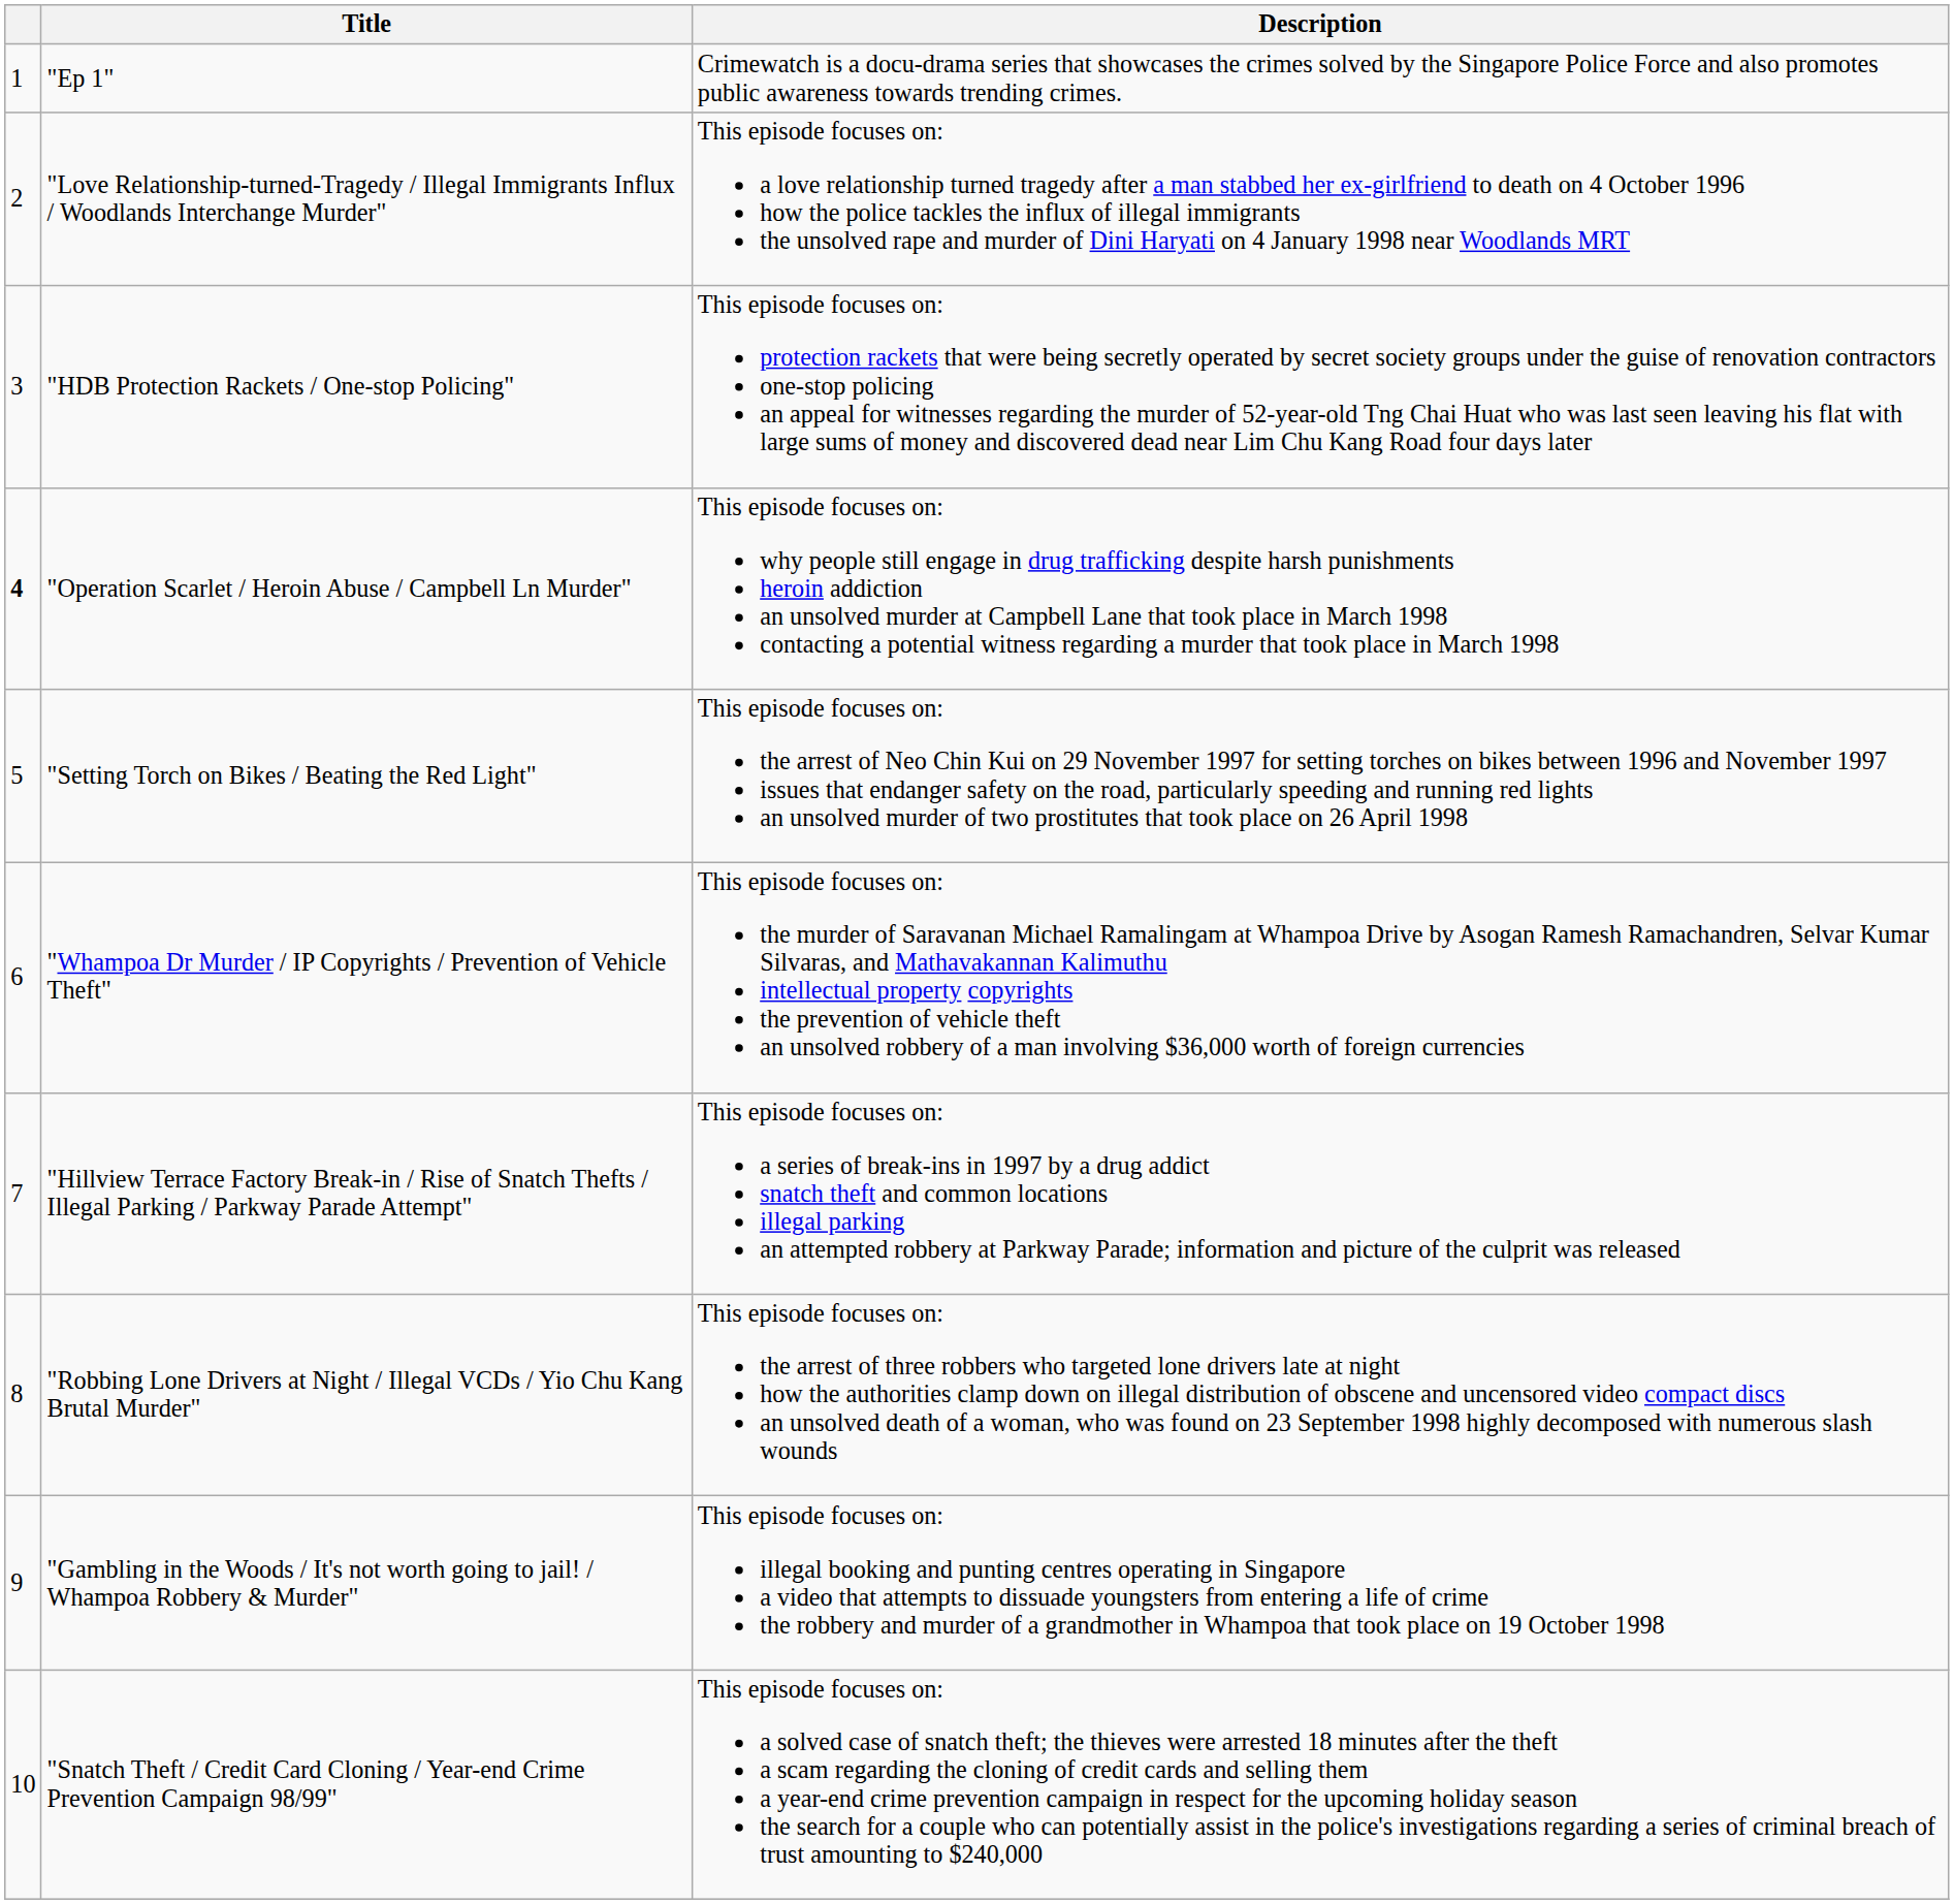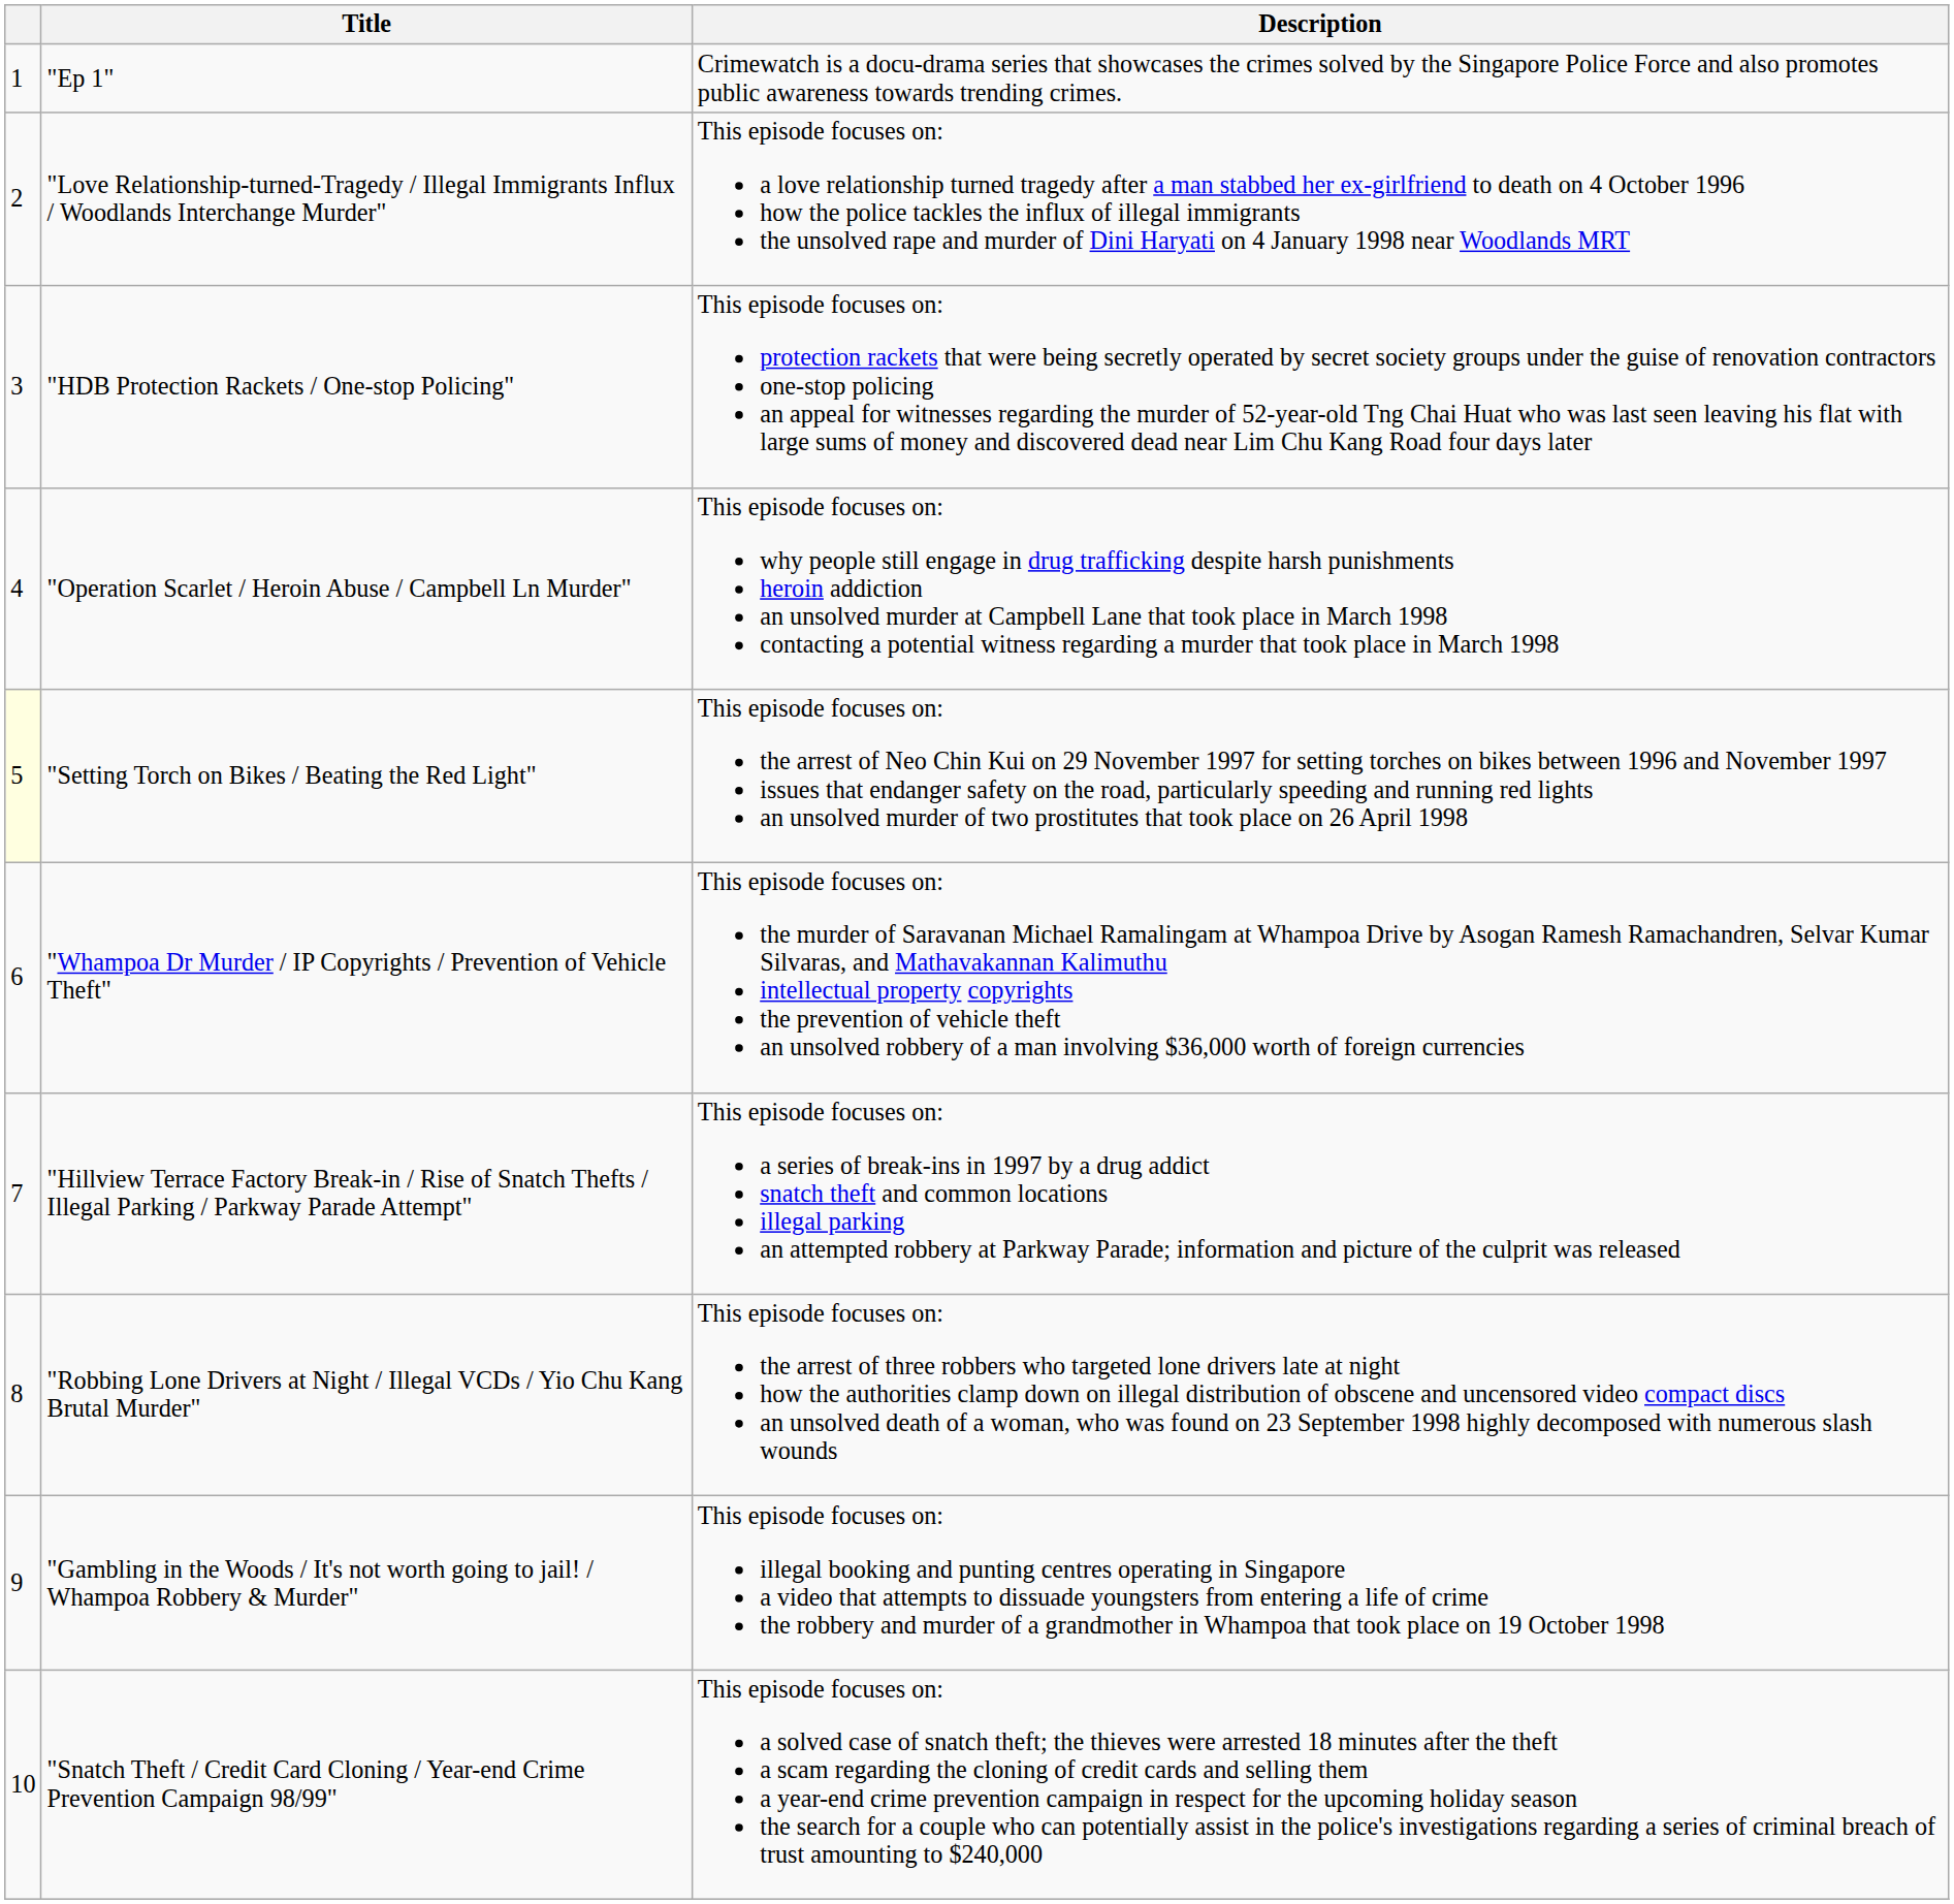 <table class="wikitable">
 <tr>
 <th></th>
 <th>Title</th>
 <th>Description</th>
 </tr>
 <tr>
 <td>1</td>
 <td>"Ep 1"</td>
 <td>Crimewatch is a docu-drama series that showcases the crimes solved by the Singapore Police Force and also promotes public awareness towards trending crimes.</td>
 </tr>
 <tr>
 <td>2</td>
 <td>"Love Relationship-turned-Tragedy / Illegal Immigrants Influx / Woodlands Interchange Murder"</td>
 <td>This episode focuses on:<br><ul><li>a love relationship turned tragedy after <a href='#'>a man stabbed her ex-girlfriend</a> to death on 4 October 1996</li><li>how the police tackles the influx of illegal immigrants</li><li>the unsolved rape and murder of <a href='#'>Dini Haryati</a> on 4 January 1998 near <a href='#'>Woodlands MRT</a></li></ul></td>
 </tr>
 <tr>
 <td>3</td>
 <td>"HDB Protection Rackets / One-stop Policing"</td>
 <td>This episode focuses on:<br><ul><li><a href='#'>protection rackets</a> that were being secretly operated by secret society groups under the guise of renovation contractors</li><li>one-stop policing</li><li>an appeal for witnesses regarding the murder of 52-year-old Tng Chai Huat who was last seen leaving his flat with large sums of money and discovered dead near Lim Chu Kang Road four days later</li></ul></td>
 </tr>
 <tr>
-<td><strong>4</strong></td>
+<td>4</td>
 <td>"Operation Scarlet / Heroin Abuse / Campbell Ln Murder"</td>
 <td>This episode focuses on:<br><ul><li>why people still engage in <a href='#'>drug trafficking</a> despite harsh punishments</li><li><a href='#'>heroin</a> addiction</li><li>an unsolved murder at Campbell Lane that took place in March 1998</li><li>contacting a potential witness regarding a murder that took place in March 1998</li></ul></td>
 </tr>
 <tr>
-<td>5</td>
+<td style="background: lightyellow;">5</td>
 <td>"Setting Torch on Bikes / Beating the Red Light"</td>
 <td>This episode focuses on:<br><ul><li>the arrest of Neo Chin Kui on 29 November 1997 for setting torches on bikes between 1996 and November 1997</li><li>issues that endanger safety on the road, particularly speeding and running red lights</li><li>an unsolved murder of two prostitutes that took place on 26 April 1998</li></ul></td>
 </tr>
 <tr>
 <td>6</td>
 <td>"<a href='#'>Whampoa Dr Murder</a> / IP Copyrights / Prevention of Vehicle Theft"</td>
 <td>This episode focuses on:<br><ul><li>the murder of Saravanan Michael Ramalingam at Whampoa Drive by Asogan Ramesh Ramachandren, Selvar Kumar Silvaras, and <a href='#'>Mathavakannan Kalimuthu</a></li><li><a href='#'>intellectual property</a> <a href='#'>copyrights</a></li><li>the prevention of vehicle theft</li><li>an unsolved robbery of a man involving $36,000 worth of foreign currencies</li></ul></td>
 </tr>
 <tr>
 <td>7</td>
 <td>"Hillview Terrace Factory Break-in / Rise of Snatch Thefts / Illegal Parking / Parkway Parade Attempt"</td>
 <td>This episode focuses on:<br><ul><li>a series of break-ins in 1997 by a drug addict</li><li><a href='#'>snatch theft</a> and common locations</li><li><a href='#'>illegal parking</a></li><li>an attempted robbery at Parkway Parade; information and picture of the culprit was released</li></ul></td>
 </tr>
 <tr>
 <td>8</td>
 <td>"Robbing Lone Drivers at Night / Illegal VCDs / Yio Chu Kang Brutal Murder"</td>
 <td>This episode focuses on:<br><ul><li>the arrest of three robbers who targeted lone drivers late at night</li><li>how the authorities clamp down on illegal distribution of obscene and uncensored video <a href='#'>compact discs</a></li><li>an unsolved death of a woman, who was found on 23 September 1998 highly decomposed with numerous slash wounds</li></ul></td>
 </tr>
 <tr>
 <td>9</td>
 <td>"Gambling in the Woods / It's not worth going to jail! / Whampoa Robbery & Murder"</td>
 <td>This episode focuses on:<br><ul><li>illegal booking and punting centres operating in Singapore</li><li>a video that attempts to dissuade youngsters from entering a life of crime</li><li>the robbery and murder of a grandmother in Whampoa that took place on 19 October 1998</li></ul></td>
 </tr>
 <tr>
 <td>10</td>
 <td>"Snatch Theft / Credit Card Cloning / Year-end Crime Prevention Campaign 98/99"</td>
 <td>This episode focuses on:<br><ul><li>a solved case of snatch theft; the thieves were arrested 18 minutes after the theft</li><li>a scam regarding the cloning of credit cards and selling them</li><li>a year-end crime prevention campaign in respect for the upcoming holiday season</li><li>the search for a couple who can potentially assist in the police's investigations regarding a series of criminal breach of trust amounting to $240,000</li></ul></td>
 </tr>
 <tr>
 </tr>
 </table>
